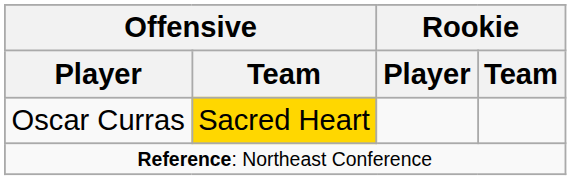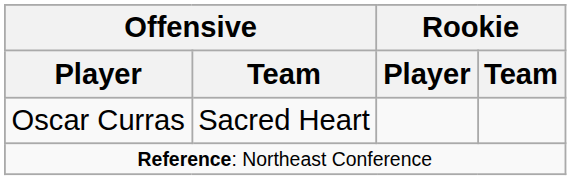 <table class="wikitable">
 <tr>
 <th colspan="2">Offensive</th>
 <th colspan="2">Rookie</th>
 </tr>
 <tr>
 <th>Player</th>
 <th>Team</th>
 <th>Player</th>
 <th>Team</th>
 </tr>
 <tr>
 <td>Oscar Curras</td>
-<td style="background: gold;">Sacred Heart</td>
+<td>Sacred Heart</td>
 <td></td>
 <td></td>
 </tr>
 <tr>
 <td colspan="12"  style="font-size:8pt; text-align:center;"><strong>Reference</strong>: Northeast Conference</td>
 </tr>
 </table>
